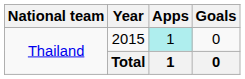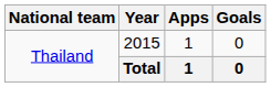 <table class="wikitable" style="text-align:center">
 <tr>
 <th>National team</th>
 <th>Year</th>
 <th>Apps</th>
 <th>Goals</th>
 </tr>
 <tr>
 <td rowspan="2" valign="center"><a href='#'>Thailand</a></td>
 <td>2015</td>
-<td style="background: paleturquoise;">1</td>
+<td>1</td>
 <td>0</td>
 </tr>
 <tr>
 <th>Total</th>
 <th>1</th>
 <th>0</th>
 </tr>
 </table>
